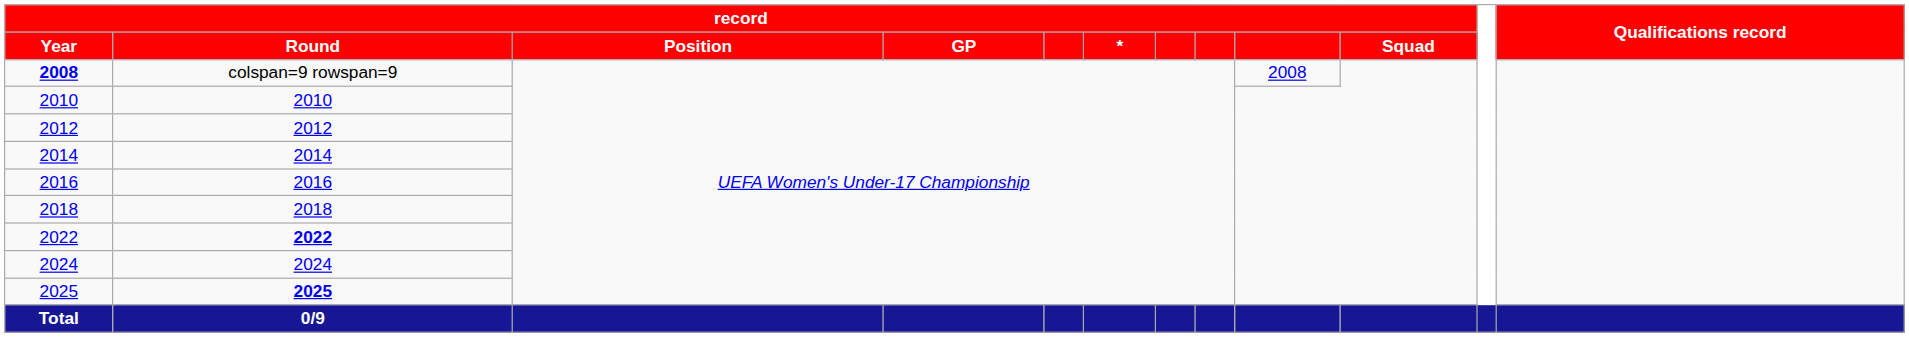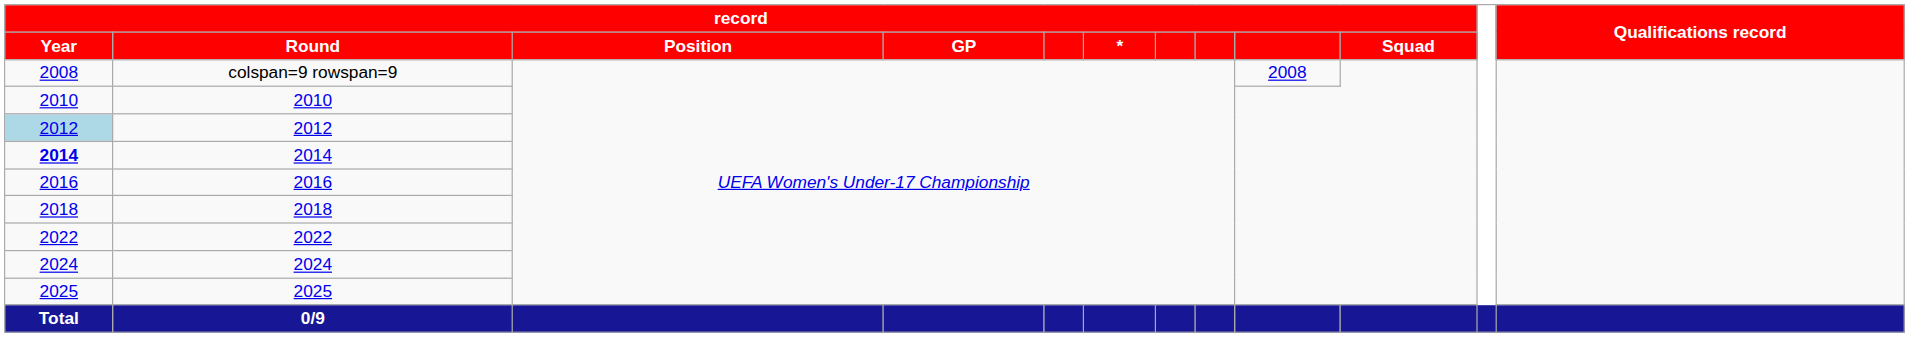 <table class="wikitable" style="font-size:90%; text-align:center;" width="100%" class="wikitable">
 <tr>
 <th colspan=10 style="background:#ff0000; color:white; "><a href='#'></a> record</th>
 <th width=1% rowspan="34" style="background:#FFFFFF; color:white"></th>
 <th colspan=7 rowspan=2 style="background:#ff0000; color:white; ">Qualifications record</th>
 </tr>
 <tr>
 <th style="background:#ff0000; color:white; ">Year</th>
 <th style="background:#ff0000; color:white; ">Round</th>
 <th style="background:#ff0000; color:white; ">Position</th>
 <th style="background:#ff0000; color:white; ">GP</th>
 <th style="background:#ff0000; color:white; "></th>
 <th style="background:#ff0000; color:white; ">*</th>
 <th style="background:#ff0000; color:white; "></th>
 <th style="background:#ff0000; color:white; "></th>
 <th style="background:#ff0000; color:white; "></th>
 <th style="background:#ff0000; color:white; ">Squad</th>
 </tr>
 <tr>
-<td><strong> <a href='#'>2008</a></strong></td>
+<td> <a href='#'>2008</a></td>
 <td>colspan=9 rowspan=9 </td>
 <td colspan=6 rowspan=9><em><a href='#'>UEFA Women's Under-17 Championship</a></em></td>
 <td><a href='#'>2008</a></td>
 </tr>
 <tr>
 <td> <a href='#'>2010</a></td>
 <td><a href='#'>2010</a></td>
 </tr>
 <tr>
-<td> <a href='#'>2012</a></td>
+<td style="background: lightblue;"> <a href='#'>2012</a></td>
 <td><a href='#'>2012</a></td>
 </tr>
 <tr>
-<td> <a href='#'>2014</a></td>
+<td><strong> <a href='#'>2014</a></strong></td>
 <td><a href='#'>2014</a></td>
 </tr>
 <tr>
 <td> <a href='#'>2016</a></td>
 <td><a href='#'>2016</a></td>
 </tr>
 <tr>
 <td> <a href='#'>2018</a></td>
 <td><a href='#'>2018</a></td>
 </tr>
 <tr>
 <td> <a href='#'>2022</a></td>
-<td><strong><a href='#'>2022</a></strong></td>
+<td><a href='#'>2022</a></td>
 </tr>
 <tr>
 <td> <a href='#'>2024</a></td>
 <td><a href='#'>2024</a></td>
 </tr>
 <tr>
 <td> <a href='#'>2025</a></td>
-<td><strong><a href='#'>2025</a></strong></td>
+<td><a href='#'>2025</a></td>
 </tr>
 <tr>
 <th style="background:#171796; color:white; ">Total</th>
 <th style="background:#171796; color:white; ">0/9</th>
 <th style="background:#171796; color:white; "></th>
 <th style="background:#171796; color:white; "></th>
 <th style="background:#171796; color:white; "></th>
 <th style="background:#171796; color:white; "></th>
 <th style="background:#171796; color:white; "></th>
 <th style="background:#171796; color:white; "></th>
 <th style="background:#171796; color:white; "></th>
 <th colspan=7 style="background:#171796; color:white; "></th>
 </tr>
 </table>
